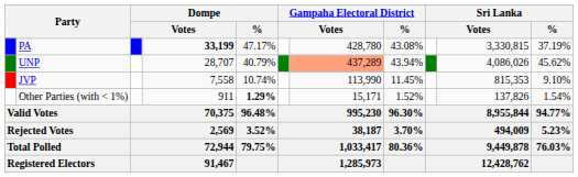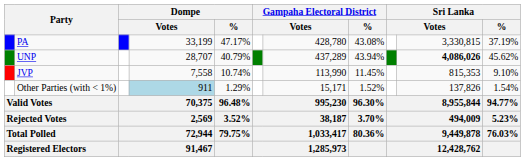 <table class="wikitable">
 <tr>
 <th colspan="2" width="144px"rowspan="2">Party</th>
 <th colspan="3" width="216px">Dompe</th>
 <th colspan="3" width="216px"><a href='#'>Gampaha Electoral District</a></th>
 <th colspan="3" width="216px">Sri Lanka</th>
 </tr>
 <tr>
 <th colspan="2" width="144px">Votes</th>
 <th>%</th>
 <th colspan="2" width="144px">Votes</th>
 <th>%</th>
 <th colspan="2" width="144px">Votes</th>
 <th>%</th>
 </tr>
 <tr>
 <td style="background-color:blue;" width="10px"></td>
 <td style="text-align:left;"><a href='#'>PA</a></td>
 <td style="background-color:blue;" width="10px"></td>
-<td style="text-align:right;"><strong>33,199</strong></td>
+<td style="text-align:right;">33,199</td>
 <td style="text-align:right;">47.17%</td>
 <td style="background-color:white;" width="10px"></td>
 <td style="text-align:right;">428,780</td>
 <td style="text-align:right;">43.08%</td>
 <td style="background-color:white;" width="10px"></td>
 <td style="text-align:right;">3,330,815</td>
 <td style="text-align:right;">37.19%</td>
 </tr>
 <tr>
 <td style="background-color:green;" width="10px"></td>
 <td style="text-align:left;"><a href='#'>UNP</a></td>
 <td style="background-color:white;" width="10px"></td>
 <td style="text-align:right;">28,707</td>
 <td style="text-align:right;">40.79%</td>
 <td style="background-color:green;" width="10px"></td>
-<td style="background: lightsalmon; text-align:right;">437,289</td>
+<td style="text-align:right;">437,289</td>
 <td style="text-align:right;">43.94%</td>
 <td style="background-color:green;" width="10px"></td>
-<td style="text-align:right;">4,086,026</td>
+<td style="text-align:right;"><strong>4,086,026</strong></td>
 <td style="text-align:right;">45.62%</td>
 </tr>
 <tr>
 <td style="background-color:red;" width="10px"></td>
 <td style="text-align:left;"><a href='#'>JVP</a></td>
 <td style="background-color:white;" width="10px"></td>
 <td style="text-align:right;">7,558</td>
 <td style="text-align:right;">10.74%</td>
 <td style="background-color:white;" width="10px"></td>
 <td style="text-align:right;">113,990</td>
 <td style="text-align:right;">11.45%</td>
 <td style="background-color:white;" width="10px"></td>
 <td style="text-align:right;">815,353</td>
 <td style="text-align:right;">9.10%</td>
 </tr>
 <tr>
 <td style="background-color:white;" width="10px"></td>
 <td style="text-align:left;">Other Parties (with < 1%)</td>
 <td style="background-color:white;" width="10px"></td>
-<td style="text-align:right;">911</td>
-<td style="text-align:right;"><strong>1.29%</strong></td>
+<td style="background: lightblue; text-align:right;">911</td>
+<td style="text-align:right;">1.29%</td>
 <td style="background-color:white;" width="10px"></td>
 <td style="text-align:right;">15,171</td>
 <td style="text-align:right;">1.52%</td>
 <td style="background-color:white;" width="10px"></td>
 <td style="text-align:right;">137,826</td>
 <td style="text-align:right;">1.54%</td>
 </tr>
 <tr>
 <th colspan="2" width="144px"style="text-align:left;">Valid Votes</th>
 <th style="text-align:right;"colspan="2" width="144px">70,375</th>
 <th style="text-align:right;">96.48%</th>
 <th style="text-align:right;"colspan="2" width="144px">995,230</th>
 <th style="text-align:right;">96.30%</th>
 <th style="text-align:right;"colspan="2" width="144px">8,955,844</th>
 <th style="text-align:right;">94.77%</th>
 </tr>
 <tr>
 <th colspan="2" width="144px"style="text-align:left;">Rejected Votes</th>
 <th style="text-align:right;"colspan="2" width="144px">2,569</th>
 <th style="text-align:right;">3.52%</th>
 <th style="text-align:right;"colspan="2" width="144px">38,187</th>
 <th style="text-align:right;">3.70%</th>
 <th style="text-align:right;"colspan="2" width="144px">494,009</th>
 <th style="text-align:right;">5.23%</th>
 </tr>
 <tr>
 <th colspan="2" width="144px"style="text-align:left;">Total Polled</th>
 <th style="text-align:right;"colspan="2" width="144px">72,944</th>
 <th style="text-align:right;">79.75%</th>
 <th style="text-align:right;"colspan="2" width="144px">1,033,417</th>
 <th style="text-align:right;">80.36%</th>
 <th style="text-align:right;"colspan="2" width="144px">9,449,878</th>
 <th style="text-align:right;">76.03%</th>
 </tr>
 <tr>
 <th colspan="2" width="144px"style="text-align:left;">Registered Electors</th>
 <th style="text-align:right;"colspan="2" width="144px">91,467</th>
 <th></th>
 <th style="text-align:right;"colspan="2" width="144px">1,285,973</th>
 <th></th>
 <th style="text-align:right;"colspan="2" width="144px">12,428,762</th>
 <th></th>
 </tr>
 </table>
